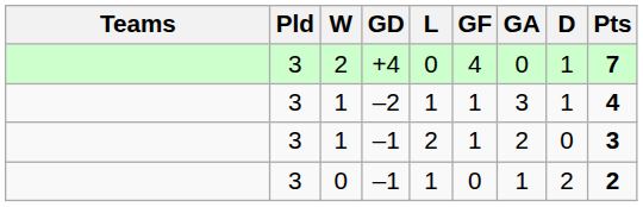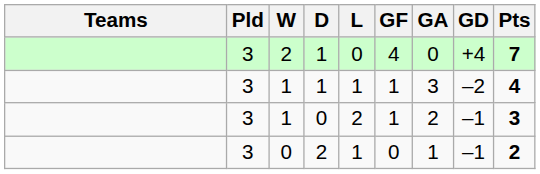 <table class="wikitable" style="text-align: center;">
 <tr>
 <th width=165>Teams</th>
 <th width=20>Pld</th>
 <th width=20>W</th>
-<th width=20>GD</th>
+<th width=20>D</th>
 <th width=20>L</th>
 <th width=20>GF</th>
 <th width=20>GA</th>
-<th width=20>D</th>
+<th width=20>GD</th>
 <th width=20>Pts</th>
 </tr>
 <tr align=center style="background:#ccffcc;">
 <td style="text-align:left;"></td>
 <td>3</td>
 <td>2</td>
-<td>+4</td>
+<td>1</td>
 <td>0</td>
 <td>4</td>
 <td>0</td>
-<td>1</td>
+<td>+4</td>
 <td><strong>7</strong></td>
 </tr>
 <tr align=center>
 <td style="text-align:left;"></td>
 <td>3</td>
 <td>1</td>
-<td>–2</td>
+<td>1</td>
 <td>1</td>
 <td>1</td>
 <td>3</td>
-<td>1</td>
+<td>–2</td>
 <td><strong>4</strong></td>
 </tr>
 <tr align=center>
 <td style="text-align:left;"></td>
 <td>3</td>
 <td>1</td>
-<td>–1</td>
+<td>0</td>
 <td>2</td>
 <td>1</td>
 <td>2</td>
-<td>0</td>
+<td>–1</td>
 <td><strong>3</strong></td>
 </tr>
 <tr align=center>
 <td style="text-align:left;"></td>
 <td>3</td>
 <td>0</td>
-<td>–1</td>
+<td>2</td>
 <td>1</td>
 <td>0</td>
 <td>1</td>
-<td>2</td>
+<td>–1</td>
 <td><strong>2</strong></td>
 </tr>
 </table>
